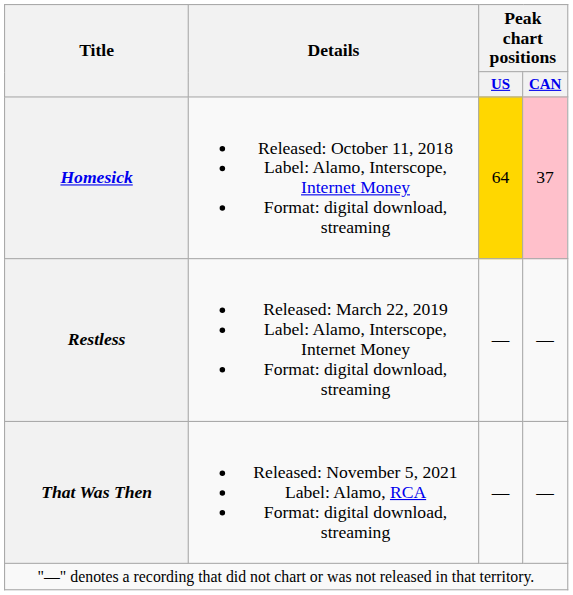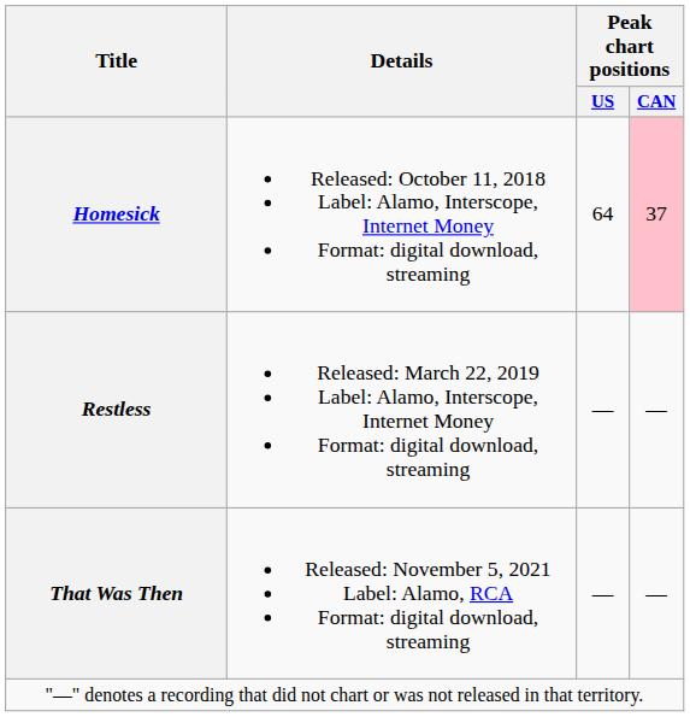 <table class="wikitable plainrowheaders" style="text-align:center;">
 <tr>
 <th scope="col" rowspan="2" style="width:10em;">Title</th>
 <th scope="col" rowspan="2" style="width:16em;">Details</th>
 <th scope="col" colspan="2">Peak chart positions</th>
 </tr>
 <tr>
 <th scope="col" style="width:2.5em;font-size:85%;"><a href='#'>US</a><br></th>
 <th scope="col" style="width:2.5em;font-size:85%;"><a href='#'>CAN</a><br></th>
 </tr>
 <tr>
 <th scope="row"><em><a href='#'>Homesick</a></em></th>
 <td><br><ul><li>Released: October 11, 2018</li><li>Label: Alamo, Interscope, <a href='#'>Internet Money</a></li><li>Format: digital download, streaming</li></ul></td>
-<td style="background: gold;">64</td>
+<td>64</td>
 <td style="background: pink;">37</td>
 </tr>
 <tr>
 <th scope="row"><em>Restless</em></th>
 <td><br><ul><li>Released: March 22, 2019</li><li>Label: Alamo, Interscope, Internet Money</li><li>Format: digital download, streaming</li></ul></td>
 <td>—</td>
 <td>—</td>
 </tr>
 <tr>
 <th scope="row"><em>That Was Then</em></th>
 <td><br><ul><li>Released: November 5, 2021</li><li>Label: Alamo, <a href='#'>RCA</a></li><li>Format: digital download, streaming</li></ul></td>
 <td>—</td>
 <td>—</td>
 </tr>
 <tr>
 <td colspan="5" style="font-size:90%">"—" denotes a recording that did not chart or was not released in that territory.</td>
 </tr>
 </table>
